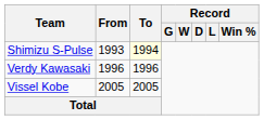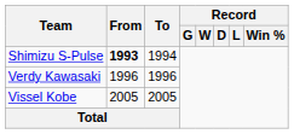 <table class="wikitable" style="text-align: center">
 <tr>
 <th rowspan="2">Team</th>
 <th rowspan="2">From</th>
 <th rowspan="2">To</th>
 <th colspan="5">Record</th>
 </tr>
 <tr>
 <th>G</th>
 <th>W</th>
 <th>D</th>
 <th>L</th>
 <th>Win %</th>
 </tr>
 <tr>
 <td align="left"><a href='#'>Shimizu S-Pulse</a></td>
-<td align="left">1993</td>
-<td align="left" style="background: lightyellow;">1994<br></td>
+<td align="left"><strong>1993</strong></td>
+<td align="left">1994<br></td>
 </tr>
 <tr>
 <td align="left"><a href='#'>Verdy Kawasaki</a></td>
 <td align="left">1996</td>
 <td align="left">1996<br></td>
 </tr>
 <tr>
 <td align="left"><a href='#'>Vissel Kobe</a></td>
 <td align="left">2005</td>
 <td align="left">2005<br></td>
 </tr>
 <tr>
 <th colspan="3">Total<br></th>
 </tr>
 </table>
